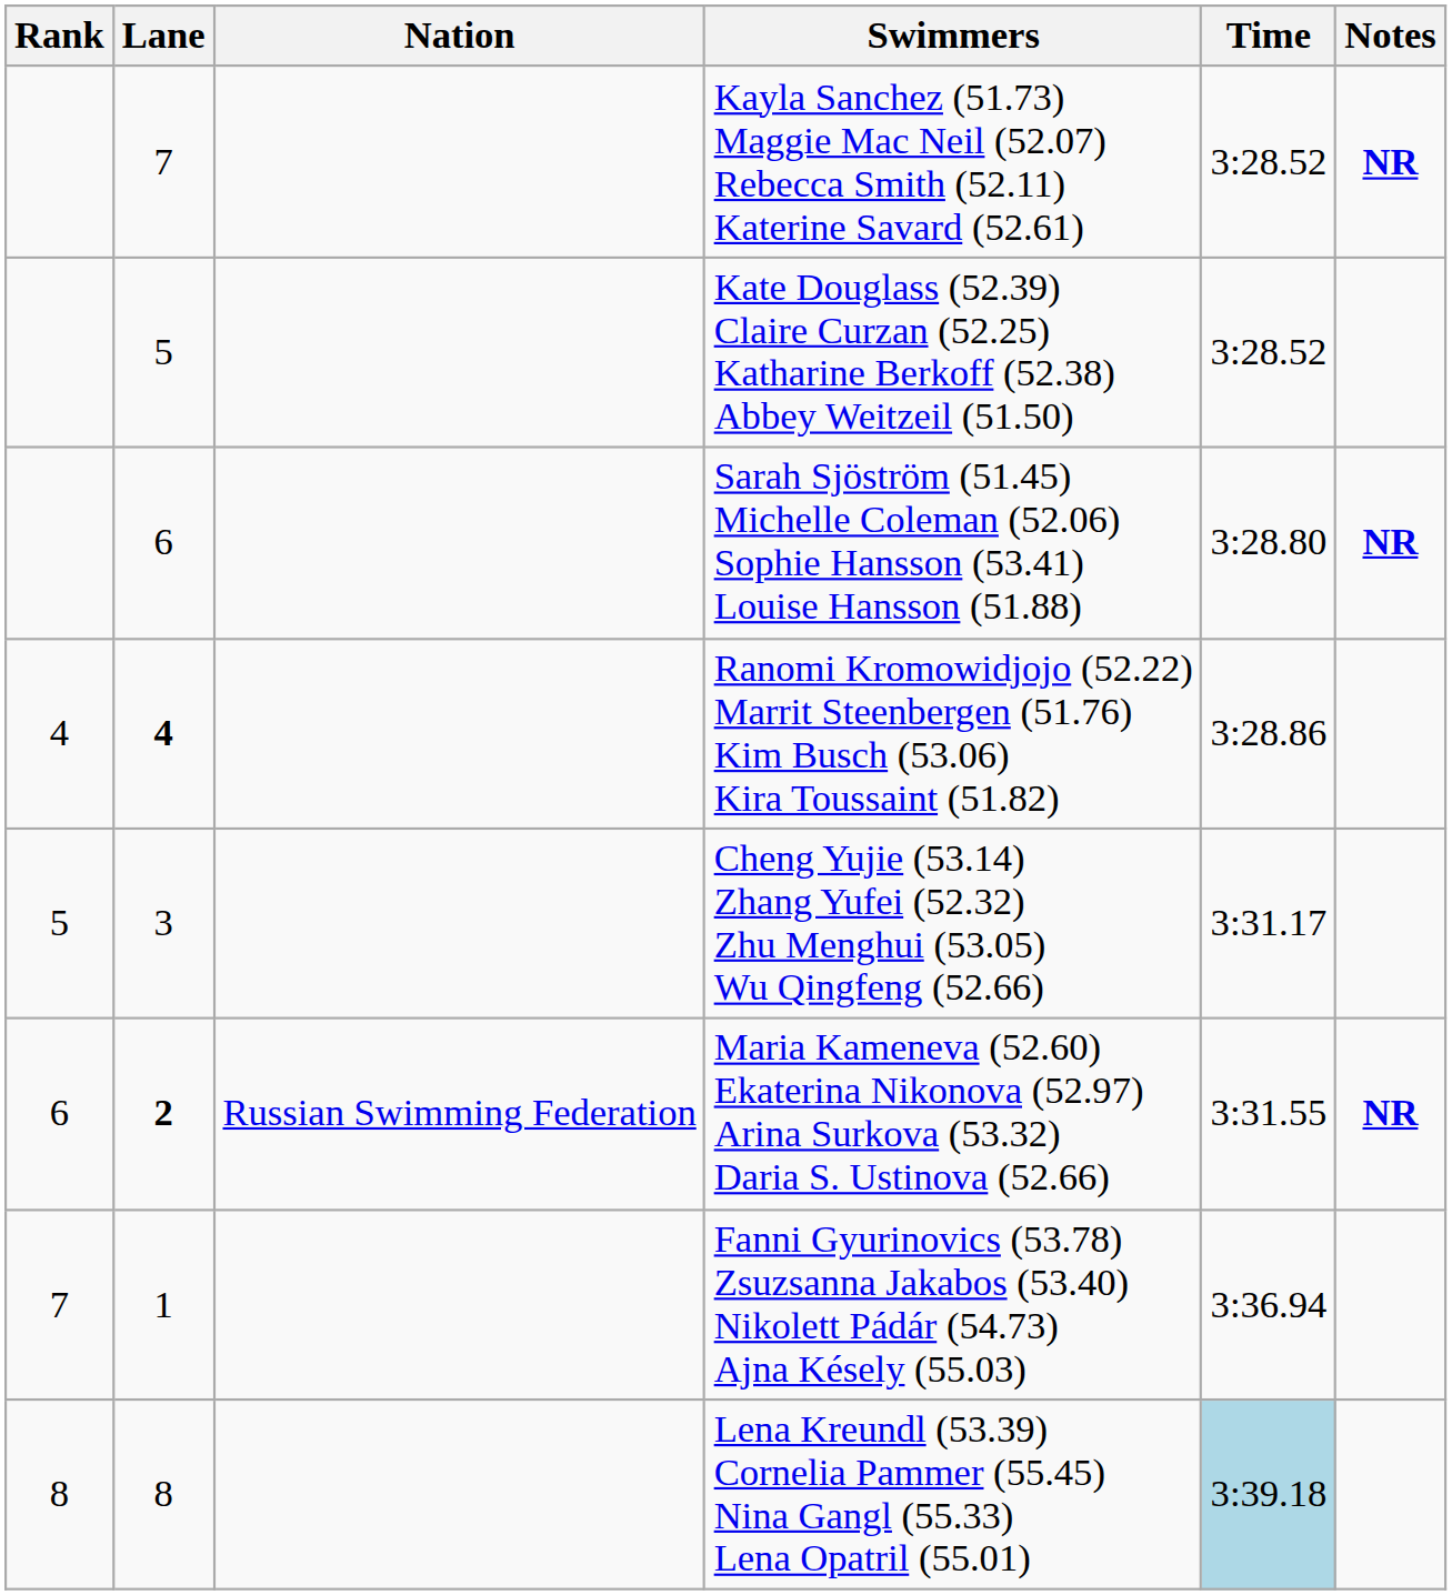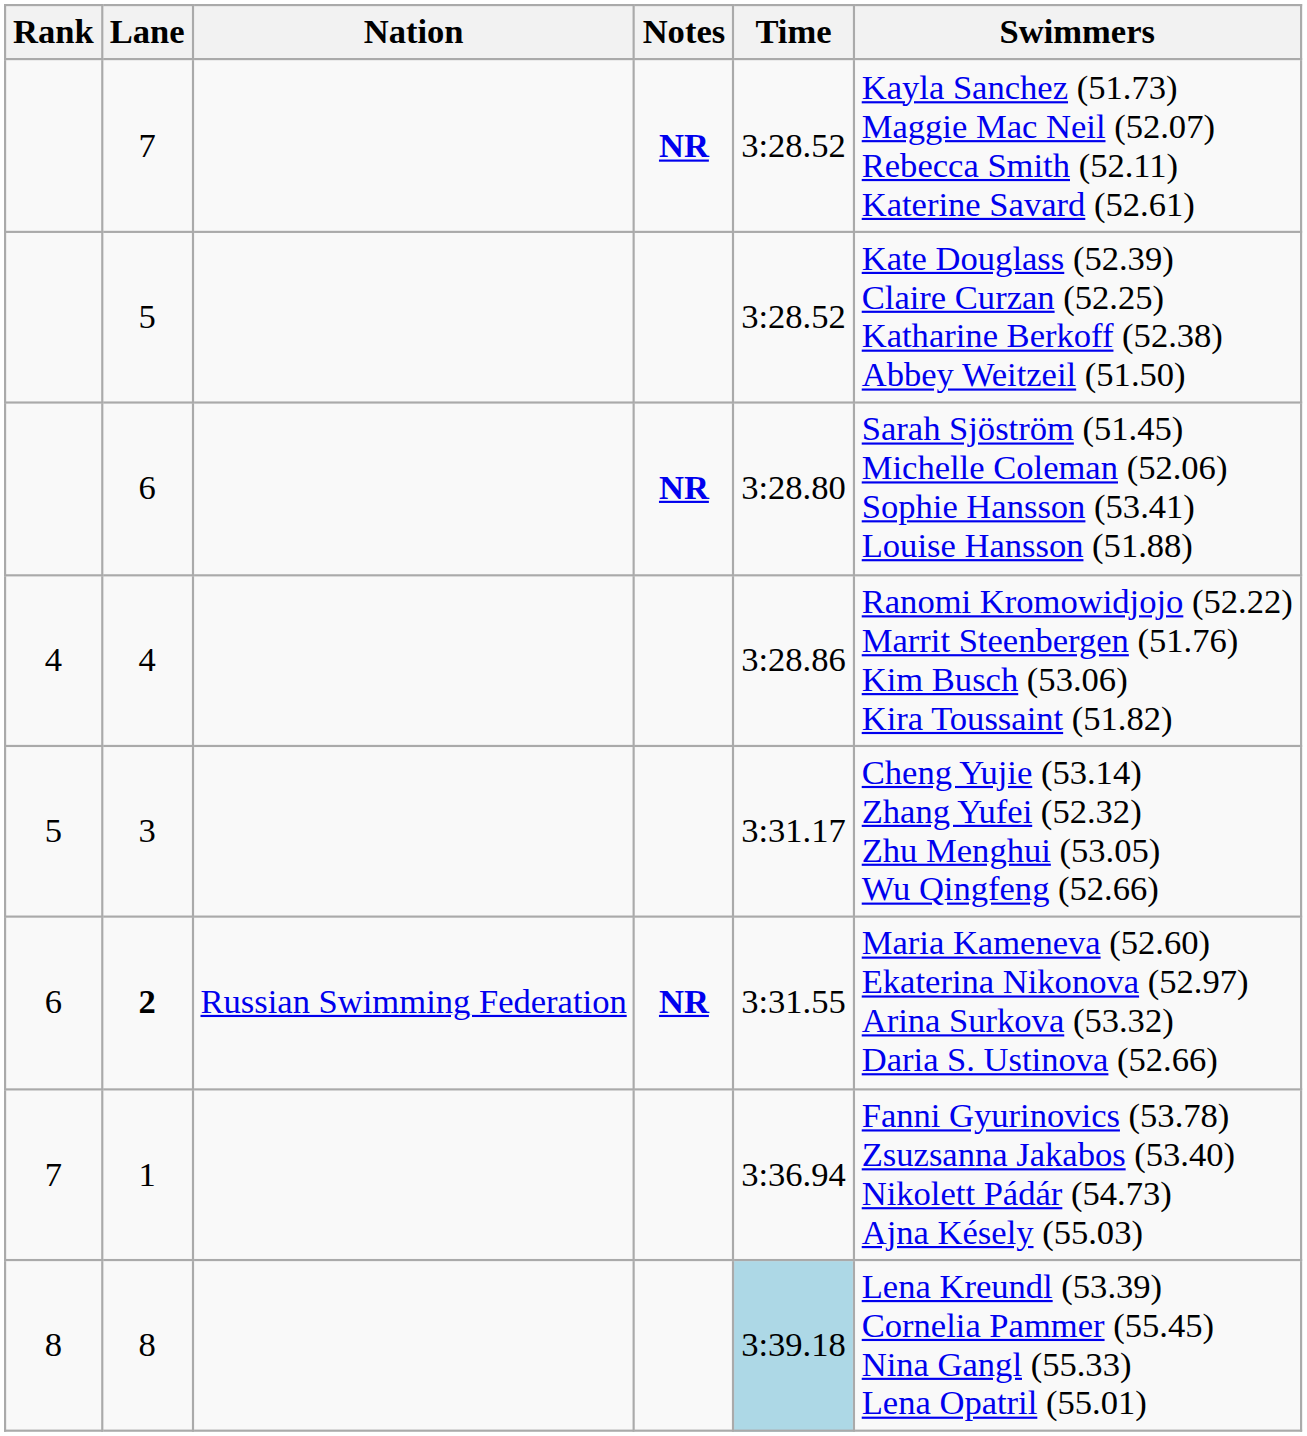 <table class="wikitable sortable" style="text-align:center">
 <tr>
 <th>Rank</th>
 <th>Lane</th>
 <th>Nation</th>
+<th>Notes</th>
+<th>Time</th>
 <th>Swimmers</th>
-<th>Time</th>
-<th>Notes</th>
 </tr>
 <tr>
 <td></td>
 <td>7</td>
 <td align=left></td>
+<td><strong><a href='#'>NR</a></strong></td>
+<td>3:28.52</td>
 <td align=left><a href='#'>Kayla Sanchez</a> (51.73)<br><a href='#'>Maggie Mac Neil</a> (52.07)<br><a href='#'>Rebecca Smith</a> (52.11)<br><a href='#'>Katerine Savard</a> (52.61)</td>
-<td>3:28.52</td>
-<td><strong><a href='#'>NR</a></strong></td>
 </tr>
 <tr>
 <td></td>
 <td>5</td>
 <td align=left></td>
+<td></td>
+<td>3:28.52</td>
 <td align=left><a href='#'>Kate Douglass</a> (52.39)<br><a href='#'>Claire Curzan</a> (52.25)<br><a href='#'>Katharine Berkoff</a> (52.38)<br><a href='#'>Abbey Weitzeil</a> (51.50)</td>
-<td>3:28.52</td>
-<td></td>
 </tr>
 <tr>
 <td></td>
 <td>6</td>
 <td align=left></td>
+<td><strong><a href='#'>NR</a></strong></td>
+<td>3:28.80</td>
 <td align=left><a href='#'>Sarah Sjöström</a> (51.45)<br><a href='#'>Michelle Coleman</a> (52.06)<br><a href='#'>Sophie Hansson</a> (53.41)<br><a href='#'>Louise Hansson</a> (51.88)</td>
-<td>3:28.80</td>
-<td><strong><a href='#'>NR</a></strong></td>
 </tr>
 <tr>
 <td>4</td>
-<td><strong>4</strong></td>
+<td>4</td>
 <td align=left></td>
+<td></td>
+<td>3:28.86</td>
 <td align=left><a href='#'>Ranomi Kromowidjojo</a> (52.22)<br><a href='#'>Marrit Steenbergen</a> (51.76)<br><a href='#'>Kim Busch</a> (53.06)<br><a href='#'>Kira Toussaint</a> (51.82)</td>
-<td>3:28.86</td>
-<td></td>
 </tr>
 <tr>
 <td>5</td>
 <td>3</td>
 <td align=left></td>
+<td></td>
+<td>3:31.17</td>
 <td align=left><a href='#'>Cheng Yujie</a> (53.14)<br><a href='#'>Zhang Yufei</a> (52.32)<br><a href='#'>Zhu Menghui</a> (53.05)<br><a href='#'>Wu Qingfeng</a> (52.66)</td>
-<td>3:31.17</td>
-<td></td>
 </tr>
 <tr>
 <td>6</td>
 <td><strong>2</strong></td>
 <td align=left> <a href='#'>Russian Swimming Federation</a></td>
+<td><strong><a href='#'>NR</a></strong></td>
+<td>3:31.55</td>
 <td align=left><a href='#'>Maria Kameneva</a> (52.60)<br><a href='#'>Ekaterina Nikonova</a> (52.97)<br><a href='#'>Arina Surkova</a> (53.32)<br><a href='#'>Daria S. Ustinova</a> (52.66)</td>
-<td>3:31.55</td>
-<td><strong><a href='#'>NR</a></strong></td>
 </tr>
 <tr>
 <td>7</td>
 <td>1</td>
 <td align=left></td>
+<td></td>
+<td>3:36.94</td>
 <td align=left><a href='#'>Fanni Gyurinovics</a> (53.78)<br><a href='#'>Zsuzsanna Jakabos</a> (53.40)<br><a href='#'>Nikolett Pádár</a> (54.73)<br><a href='#'>Ajna Késely</a> (55.03)</td>
-<td>3:36.94</td>
-<td></td>
 </tr>
 <tr>
 <td>8</td>
 <td>8</td>
 <td align=left></td>
+<td></td>
+<td style="background: lightblue;">3:39.18</td>
 <td align=left><a href='#'>Lena Kreundl</a> (53.39)<br><a href='#'>Cornelia Pammer</a> (55.45)<br><a href='#'>Nina Gangl</a> (55.33)<br><a href='#'>Lena Opatril</a> (55.01)</td>
-<td style="background: lightblue;">3:39.18</td>
-<td></td>
 </tr>
 </table>
